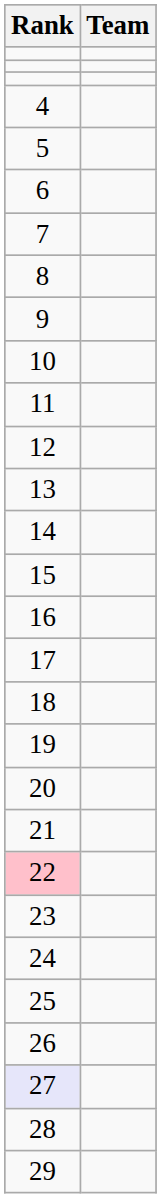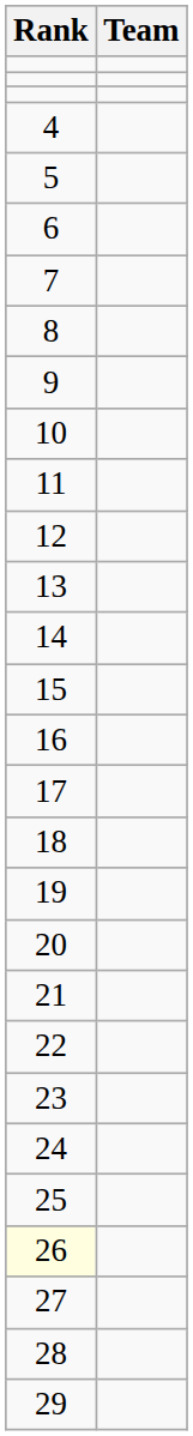 <table class="wikitable">
 <tr>
 <th>Rank</th>
 <th>Team</th>
 </tr>
 <tr>
 <td align=center></td>
 <td></td>
 </tr>
 <tr>
 <td align=center></td>
 <td></td>
 </tr>
 <tr>
 <td align=center></td>
 <td></td>
 </tr>
 <tr>
 <td align=center>4</td>
 <td></td>
 </tr>
 <tr>
 <td align=center>5</td>
 <td></td>
 </tr>
 <tr>
 <td align=center>6</td>
 <td></td>
 </tr>
 <tr>
 <td align=center>7</td>
 <td></td>
 </tr>
 <tr>
 <td align=center>8</td>
 <td></td>
 </tr>
 <tr>
 <td align=center>9</td>
 <td></td>
 </tr>
 <tr>
 <td align=center>10</td>
 <td></td>
 </tr>
 <tr>
 <td align=center>11</td>
 <td></td>
 </tr>
 <tr>
 <td align=center>12</td>
 <td></td>
 </tr>
 <tr>
 <td align=center>13</td>
 <td></td>
 </tr>
 <tr>
 <td align=center>14</td>
 <td></td>
 </tr>
 <tr>
 <td align=center>15</td>
 <td></td>
 </tr>
 <tr>
 <td align=center>16</td>
 <td></td>
 </tr>
 <tr>
 <td align=center>17</td>
 <td></td>
 </tr>
 <tr>
 <td align=center>18</td>
 <td></td>
 </tr>
 <tr>
 <td align=center>19</td>
 <td></td>
 </tr>
 <tr>
 <td align=center>20</td>
 <td></td>
 </tr>
 <tr>
 <td align=center>21</td>
 <td></td>
 </tr>
 <tr>
-<td align=center style="background: pink;">22</td>
+<td align=center>22</td>
 <td></td>
 </tr>
 <tr>
 <td align=center>23</td>
 <td></td>
 </tr>
 <tr>
 <td align=center>24</td>
 <td></td>
 </tr>
 <tr>
 <td align=center>25</td>
 <td></td>
 </tr>
 <tr>
-<td align=center>26</td>
+<td align=center style="background: lightyellow;">26</td>
 <td></td>
 </tr>
 <tr>
-<td align=center style="background: lavender;">27</td>
+<td align=center>27</td>
 <td></td>
 </tr>
 <tr>
 <td align=center>28</td>
 <td></td>
 </tr>
 <tr>
 <td align=center>29</td>
 <td></td>
 </tr>
 </table>
